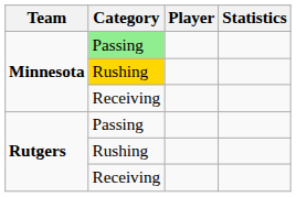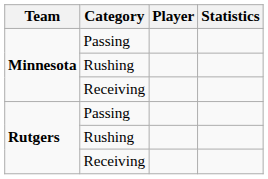 <table class="wikitable" style="float: right;">
 <tr>
 <th>Team</th>
 <th>Category</th>
 <th>Player</th>
 <th>Statistics</th>
 </tr>
 <tr>
 <td rowspan=3><strong>Minnesota</strong></td>
-<td style="background: lightgreen;">Passing</td>
+<td>Passing</td>
 <td></td>
 <td></td>
 </tr>
 <tr>
-<td style="background: gold;">Rushing</td>
+<td>Rushing</td>
 <td></td>
 <td></td>
 </tr>
 <tr>
 <td>Receiving</td>
 <td></td>
 <td></td>
 </tr>
 <tr>
 <td rowspan=3><strong>Rutgers</strong></td>
 <td>Passing</td>
 <td></td>
 <td></td>
 </tr>
 <tr>
 <td>Rushing</td>
 <td></td>
 <td></td>
 </tr>
 <tr>
 <td>Receiving</td>
 <td></td>
 <td></td>
 </tr>
 </table>
